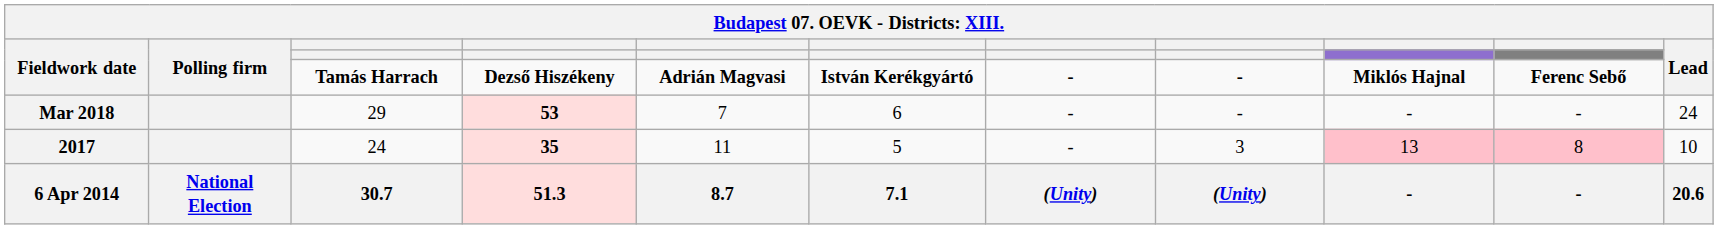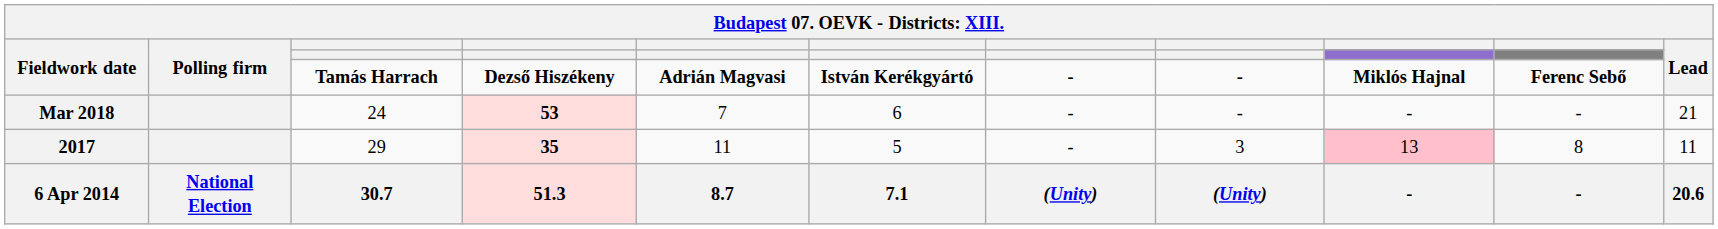 <table class="wikitable mw-collapsible mw-collapsed" style="text-align:center">
 <tr>
 <th colspan="11" style="width: 980pt;"><small><a href='#'>Budapest</a> 07. OEVK -</small> <small>Districts: <a href='#'>XIII.</a></small></th>
 </tr>
 <tr>
 <th rowspan="3" style="width: 80pt;"><small>Fieldwork</small> <small>date</small></th>
 <th rowspan="3" style="width: 80pt;"><strong><small>Polling</small> <small>firm</small></strong></th>
 <th style="width: 100pt;"><small></small></th>
 <th style="width: 100pt;"><small> </small></th>
 <th style="width: 100pt;"></th>
 <th style="width: 100pt;"></th>
 <th style="width: 100pt;"></th>
 <th style="width: 100pt;"></th>
 <th style="width: 100pt;"></th>
 <th style="width: 100pt;"></th>
 <th rowspan="3" style="width: 20pt;"><small>Lead</small></th>
 </tr>
 <tr>
 <th style="color:inherit;background:"></th>
 <th style="color:inherit;background:"></th>
 <th style="color:inherit;background:"></th>
 <th style="color:inherit;background:"></th>
 <th style="color:inherit;background:"></th>
 <th style="color:inherit;background:"></th>
 <th style="color:inherit;background:#8E6FCE;"></th>
 <th style="color:inherit;background:#808080;"></th>
 </tr>
 <tr>
 <td><strong><small>Tamás Harrach</small></strong></td>
 <td><strong><small>Dezső Hiszékeny</small></strong></td>
 <td><strong><small>Adrián Magvasi</small></strong></td>
 <td><strong><small>István Kerékgyártó</small></strong></td>
 <td><strong><small>-</small></strong></td>
 <td><strong><small>-</small></strong></td>
 <td><strong><small>Miklós Hajnal</small></strong></td>
 <td><strong><small>Ferenc Sebő</small></strong></td>
 </tr>
 <tr>
 <th><small>Mar 2018</small></th>
 <th><small></small></th>
-<td><small>29</small></td>
+<td><small>24</small></td>
 <td style="background:#FFDDDD"><strong><small>53</small></strong></td>
 <td><small>7</small></td>
 <td><small>6</small></td>
 <td><small>-</small></td>
 <td><small>-</small></td>
 <td><small>-</small></td>
 <td><small>-</small></td>
-<td style="background:"><small>24</small></td>
+<td style="background:"><small>21</small></td>
 </tr>
 <tr>
 <th><small>2017</small></th>
 <th><small></small></th>
-<td><small>24</small></td>
+<td><small>29</small></td>
 <td style="background:#FFDDDD"><strong><small>35</small></strong></td>
 <td><small>11</small></td>
 <td><small>5</small></td>
 <td><small>-</small></td>
 <td><small>3</small></td>
 <td style="background: pink;"><small>13</small></td>
-<td style="background: pink;"><small>8</small></td>
-<td style="background:"><small>10</small></td>
+<td><small>8</small></td>
+<td style="background:"><small>11</small></td>
 </tr>
 <tr>
 <th><small>6 Apr 2014</small></th>
 <th><a href='#'><small>National Election</small></a></th>
 <th><small>30.7</small></th>
 <th style="background:#FFDDDD"><small>51.3</small></th>
 <th><small>8.7</small></th>
 <th><small>7.1</small></th>
 <th><small><em>(<a href='#'>Unity</a>)</em></small></th>
 <th><small><em>(<a href='#'>Unity</a>)</em></small></th>
 <th><small>-</small></th>
 <th><small>-</small></th>
 <th style="background:"><small>20.6</small></th>
 </tr>
 </table>
